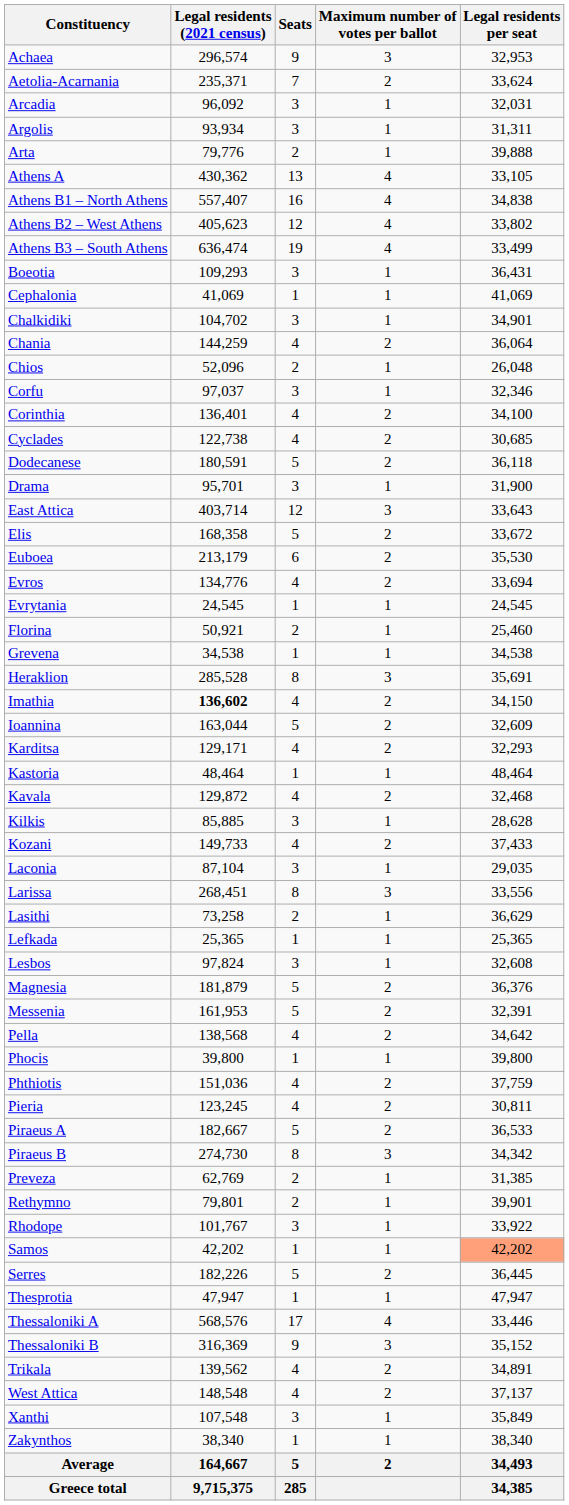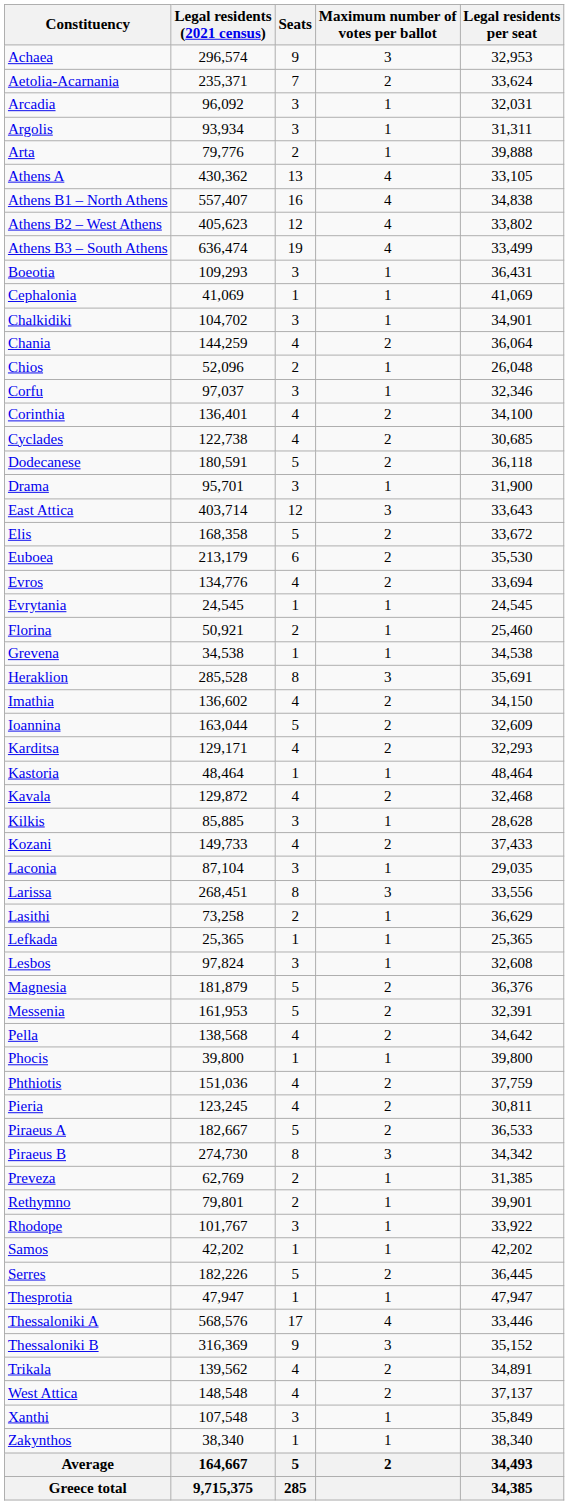 <table class="wikitable sortable" style="text-align:center">
 <tr>
 <th>Constituency</th>
 <th>Legal residents<br>(<a href='#'>2021 census</a>)</th>
 <th>Seats</th>
 <th>Maximum number of<br>votes per ballot</th>
 <th>Legal residents<br>per seat</th>
 </tr>
 <tr>
 <td align="left"><a href='#'>Achaea</a></td>
 <td>296,574</td>
 <td>9</td>
 <td>3</td>
 <td>32,953</td>
 </tr>
 <tr>
 <td align="left"><a href='#'>Aetolia-Acarnania</a></td>
 <td>235,371</td>
 <td>7</td>
 <td>2</td>
 <td>33,624</td>
 </tr>
 <tr>
 <td align="left"><a href='#'>Arcadia</a></td>
 <td>96,092</td>
 <td>3</td>
 <td>1</td>
 <td>32,031</td>
 </tr>
 <tr>
 <td align="left"><a href='#'>Argolis</a></td>
 <td>93,934</td>
 <td>3</td>
 <td>1</td>
 <td>31,311</td>
 </tr>
 <tr>
 <td align="left"><a href='#'>Arta</a></td>
 <td>79,776</td>
 <td>2</td>
 <td>1</td>
 <td>39,888</td>
 </tr>
 <tr>
 <td align="left"><a href='#'>Athens A</a></td>
 <td>430,362</td>
 <td>13</td>
 <td>4</td>
 <td>33,105</td>
 </tr>
 <tr>
 <td align="left"><a href='#'>Athens B1 – North Athens</a></td>
 <td>557,407</td>
 <td>16</td>
 <td>4</td>
 <td>34,838</td>
 </tr>
 <tr>
 <td align="left"><a href='#'>Athens B2 – West Athens</a></td>
 <td>405,623</td>
 <td>12</td>
 <td>4</td>
 <td>33,802</td>
 </tr>
 <tr>
 <td align="left"><a href='#'>Athens B3 – South Athens</a></td>
 <td>636,474</td>
 <td>19</td>
 <td>4</td>
 <td>33,499</td>
 </tr>
 <tr>
 <td align="left"><a href='#'>Boeotia</a></td>
 <td>109,293</td>
 <td>3</td>
 <td>1</td>
 <td>36,431</td>
 </tr>
 <tr>
 <td align="left"><a href='#'>Cephalonia</a></td>
 <td>41,069</td>
 <td>1</td>
 <td>1</td>
 <td>41,069</td>
 </tr>
 <tr>
 <td align="left"><a href='#'>Chalkidiki</a></td>
 <td>104,702</td>
 <td>3</td>
 <td>1</td>
 <td>34,901</td>
 </tr>
 <tr>
 <td align="left"><a href='#'>Chania</a></td>
 <td>144,259</td>
 <td>4</td>
 <td>2</td>
 <td>36,064</td>
 </tr>
 <tr>
 <td align="left"><a href='#'>Chios</a></td>
 <td>52,096</td>
 <td>2</td>
 <td>1</td>
 <td>26,048</td>
 </tr>
 <tr>
 <td align="left"><a href='#'>Corfu</a></td>
 <td>97,037</td>
 <td>3</td>
 <td>1</td>
 <td>32,346</td>
 </tr>
 <tr>
 <td align="left"><a href='#'>Corinthia</a></td>
 <td>136,401</td>
 <td>4</td>
 <td>2</td>
 <td>34,100</td>
 </tr>
 <tr>
 <td align="left"><a href='#'>Cyclades</a></td>
 <td>122,738</td>
 <td>4</td>
 <td>2</td>
 <td>30,685</td>
 </tr>
 <tr>
 <td align="left"><a href='#'>Dodecanese</a></td>
 <td>180,591</td>
 <td>5</td>
 <td>2</td>
 <td>36,118</td>
 </tr>
 <tr>
 <td align="left"><a href='#'>Drama</a></td>
 <td>95,701</td>
 <td>3</td>
 <td>1</td>
 <td>31,900</td>
 </tr>
 <tr>
 <td align="left"><a href='#'>East Attica</a></td>
 <td>403,714</td>
 <td>12</td>
 <td>3</td>
 <td>33,643</td>
 </tr>
 <tr>
 <td align="left"><a href='#'>Elis</a></td>
 <td>168,358</td>
 <td>5</td>
 <td>2</td>
 <td>33,672</td>
 </tr>
 <tr>
 <td align="left"><a href='#'>Euboea</a></td>
 <td>213,179</td>
 <td>6</td>
 <td>2</td>
 <td>35,530</td>
 </tr>
 <tr>
 <td align="left"><a href='#'>Evros</a></td>
 <td>134,776</td>
 <td>4</td>
 <td>2</td>
 <td>33,694</td>
 </tr>
 <tr>
 <td align="left"><a href='#'>Evrytania</a></td>
 <td>24,545</td>
 <td>1</td>
 <td>1</td>
 <td>24,545</td>
 </tr>
 <tr>
 <td align="left"><a href='#'>Florina</a></td>
 <td>50,921</td>
 <td>2</td>
 <td>1</td>
 <td>25,460</td>
 </tr>
 <tr>
 <td align="left"><a href='#'>Grevena</a></td>
 <td>34,538</td>
 <td>1</td>
 <td>1</td>
 <td>34,538</td>
 </tr>
 <tr>
 <td align="left"><a href='#'>Heraklion</a></td>
 <td>285,528</td>
 <td>8</td>
 <td>3</td>
 <td>35,691</td>
 </tr>
 <tr>
 <td align="left"><a href='#'>Imathia</a></td>
-<td><strong>136,602</strong></td>
+<td>136,602</td>
 <td>4</td>
 <td>2</td>
 <td>34,150</td>
 </tr>
 <tr>
 <td align="left"><a href='#'>Ioannina</a></td>
 <td>163,044</td>
 <td>5</td>
 <td>2</td>
 <td>32,609</td>
 </tr>
 <tr>
 <td align="left"><a href='#'>Karditsa</a></td>
 <td>129,171</td>
 <td>4</td>
 <td>2</td>
 <td>32,293</td>
 </tr>
 <tr>
 <td align="left"><a href='#'>Kastoria</a></td>
 <td>48,464</td>
 <td>1</td>
 <td>1</td>
 <td>48,464</td>
 </tr>
 <tr>
 <td align="left"><a href='#'>Kavala</a></td>
 <td>129,872</td>
 <td>4</td>
 <td>2</td>
 <td>32,468</td>
 </tr>
 <tr>
 <td align="left"><a href='#'>Kilkis</a></td>
 <td>85,885</td>
 <td>3</td>
 <td>1</td>
 <td>28,628</td>
 </tr>
 <tr>
 <td align="left"><a href='#'>Kozani</a></td>
 <td>149,733</td>
 <td>4</td>
 <td>2</td>
 <td>37,433</td>
 </tr>
 <tr>
 <td align="left"><a href='#'>Laconia</a></td>
 <td>87,104</td>
 <td>3</td>
 <td>1</td>
 <td>29,035</td>
 </tr>
 <tr>
 <td align="left"><a href='#'>Larissa</a></td>
 <td>268,451</td>
 <td>8</td>
 <td>3</td>
 <td>33,556</td>
 </tr>
 <tr>
 <td align="left"><a href='#'>Lasithi</a></td>
 <td>73,258</td>
 <td>2</td>
 <td>1</td>
 <td>36,629</td>
 </tr>
 <tr>
 <td align="left"><a href='#'>Lefkada</a></td>
 <td>25,365</td>
 <td>1</td>
 <td>1</td>
 <td>25,365</td>
 </tr>
 <tr>
 <td align="left"><a href='#'>Lesbos</a></td>
 <td>97,824</td>
 <td>3</td>
 <td>1</td>
 <td>32,608</td>
 </tr>
 <tr>
 <td align="left"><a href='#'>Magnesia</a></td>
 <td>181,879</td>
 <td>5</td>
 <td>2</td>
 <td>36,376</td>
 </tr>
 <tr>
 <td align="left"><a href='#'>Messenia</a></td>
 <td>161,953</td>
 <td>5</td>
 <td>2</td>
 <td>32,391</td>
 </tr>
 <tr>
 <td align="left"><a href='#'>Pella</a></td>
 <td>138,568</td>
 <td>4</td>
 <td>2</td>
 <td>34,642</td>
 </tr>
 <tr>
 <td align="left"><a href='#'>Phocis</a></td>
 <td>39,800</td>
 <td>1</td>
 <td>1</td>
 <td>39,800</td>
 </tr>
 <tr>
 <td align="left"><a href='#'>Phthiotis</a></td>
 <td>151,036</td>
 <td>4</td>
 <td>2</td>
 <td>37,759</td>
 </tr>
 <tr>
 <td align="left"><a href='#'>Pieria</a></td>
 <td>123,245</td>
 <td>4</td>
 <td>2</td>
 <td>30,811</td>
 </tr>
 <tr>
 <td align="left"><a href='#'>Piraeus A</a></td>
 <td>182,667</td>
 <td>5</td>
 <td>2</td>
 <td>36,533</td>
 </tr>
 <tr>
 <td align="left"><a href='#'>Piraeus B</a></td>
 <td>274,730</td>
 <td>8</td>
 <td>3</td>
 <td>34,342</td>
 </tr>
 <tr>
 <td align="left"><a href='#'>Preveza</a></td>
 <td>62,769</td>
 <td>2</td>
 <td>1</td>
 <td>31,385</td>
 </tr>
 <tr>
 <td align="left"><a href='#'>Rethymno</a></td>
 <td>79,801</td>
 <td>2</td>
 <td>1</td>
 <td>39,901</td>
 </tr>
 <tr>
 <td align="left"><a href='#'>Rhodope</a></td>
 <td>101,767</td>
 <td>3</td>
 <td>1</td>
 <td>33,922</td>
 </tr>
 <tr>
 <td align="left"><a href='#'>Samos</a></td>
 <td>42,202</td>
 <td>1</td>
 <td>1</td>
-<td style="background: lightsalmon;">42,202</td>
+<td>42,202</td>
 </tr>
 <tr>
 <td align="left"><a href='#'>Serres</a></td>
 <td>182,226</td>
 <td>5</td>
 <td>2</td>
 <td>36,445</td>
 </tr>
 <tr>
 <td align="left"><a href='#'>Thesprotia</a></td>
 <td>47,947</td>
 <td>1</td>
 <td>1</td>
 <td>47,947</td>
 </tr>
 <tr>
 <td align="left"><a href='#'>Thessaloniki A</a></td>
 <td>568,576</td>
 <td>17</td>
 <td>4</td>
 <td>33,446</td>
 </tr>
 <tr>
 <td align="left"><a href='#'>Thessaloniki B</a></td>
 <td>316,369</td>
 <td>9</td>
 <td>3</td>
 <td>35,152</td>
 </tr>
 <tr>
 <td align="left"><a href='#'>Trikala</a></td>
 <td>139,562</td>
 <td>4</td>
 <td>2</td>
 <td>34,891</td>
 </tr>
 <tr>
 <td align="left"><a href='#'>West Attica</a></td>
 <td>148,548</td>
 <td>4</td>
 <td>2</td>
 <td>37,137</td>
 </tr>
 <tr>
 <td align="left"><a href='#'>Xanthi</a></td>
 <td>107,548</td>
 <td>3</td>
 <td>1</td>
 <td>35,849</td>
 </tr>
 <tr>
 <td align="left"><a href='#'>Zakynthos</a></td>
 <td>38,340</td>
 <td>1</td>
 <td>1</td>
 <td>38,340</td>
 </tr>
 <tr>
 <th>Average</th>
 <th>164,667</th>
 <th>5</th>
 <th>2</th>
 <th>34,493</th>
 </tr>
 <tr>
 <th>Greece total</th>
 <th>9,715,375</th>
 <th>285</th>
 <th></th>
 <th>34,385</th>
 </tr>
 </table>
